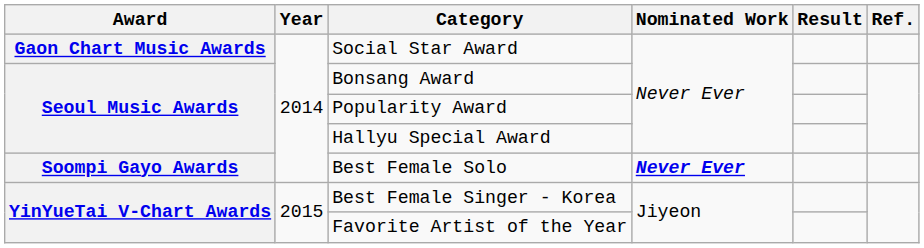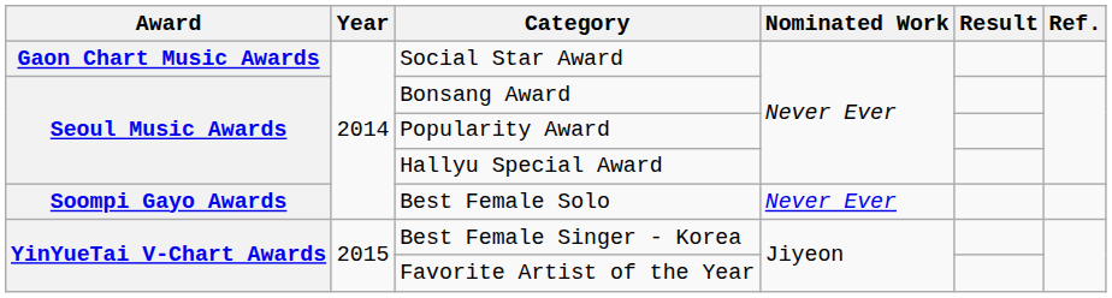 <table class="wikitable plainrowheaders">
 <tr>
 <th>Award</th>
 <th>Year</th>
 <th>Category</th>
 <th>Nominated Work</th>
 <th>Result</th>
 <th>Ref.</th>
 </tr>
 <tr>
 <th scope="row"><a href='#'>Gaon Chart Music Awards</a></th>
 <td rowspan="5">2014</td>
 <td>Social Star Award</td>
 <td rowspan="4"><em>Never Ever</em></td>
 <td></td>
 <td></td>
 </tr>
 <tr>
 <th rowspan="3" ! scope="row"><a href='#'>Seoul Music Awards</a></th>
 <td>Bonsang Award</td>
 <td></td>
 <td rowspan="3"></td>
 </tr>
 <tr>
 <td>Popularity Award</td>
 <td></td>
 </tr>
 <tr>
 <td>Hallyu Special Award</td>
 <td></td>
 </tr>
 <tr>
 <th scope="row"><a href='#'>Soompi Gayo Awards</a></th>
 <td>Best Female Solo</td>
-<td><strong><em><a href='#'>Never Ever</a></em></strong></td>
+<td><em><a href='#'>Never Ever</a></em></td>
 <td></td>
 <td></td>
 </tr>
 <tr>
 <th rowspan="2" ! scope="row"><a href='#'>YinYueTai V-Chart Awards</a></th>
 <td rowspan="2">2015</td>
 <td>Best Female Singer - Korea</td>
 <td rowspan="2">Jiyeon</td>
 <td></td>
 <td rowspan="2"></td>
 </tr>
 <tr>
 <td>Favorite Artist of the Year</td>
 <td></td>
 </tr>
 </table>
